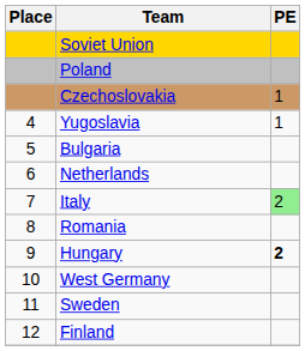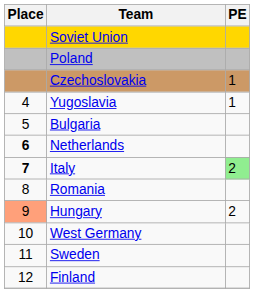 <table class="wikitable">
 <tr>
 <th>Place</th>
 <th width=200>Team</th>
 <th width=20>PE</th>
 </tr>
 <tr bgcolor=gold>
 <td align=center></td>
 <td> <a href='#'>Soviet Union</a></td>
 <td></td>
 </tr>
 <tr bgcolor=silver>
 <td align=center></td>
 <td> <a href='#'>Poland</a></td>
 <td></td>
 </tr>
 <tr bgcolor=cc9966>
 <td align=center></td>
 <td> <a href='#'>Czechoslovakia</a></td>
 <td>1</td>
 </tr>
 <tr>
 <td align=center>4</td>
 <td> <a href='#'>Yugoslavia</a></td>
 <td>1</td>
 </tr>
 <tr>
 <td align=center>5</td>
 <td> <a href='#'>Bulgaria</a></td>
 <td></td>
 </tr>
 <tr>
-<td align=center>6</td>
+<td align=center><strong>6</strong></td>
 <td> <a href='#'>Netherlands</a></td>
 <td></td>
 </tr>
 <tr>
-<td align=center>7</td>
+<td align=center><strong>7</strong></td>
 <td> <a href='#'>Italy</a></td>
 <td style="background: lightgreen;">2</td>
 </tr>
 <tr>
 <td align=center>8</td>
 <td> <a href='#'>Romania</a></td>
 <td></td>
 </tr>
 <tr>
-<td align=center>9</td>
+<td align=center style="background: lightsalmon;">9</td>
 <td> <a href='#'>Hungary</a></td>
-<td><strong>2</strong></td>
+<td>2</td>
 </tr>
 <tr>
 <td align=center>10</td>
 <td> <a href='#'>West Germany</a></td>
 <td></td>
 </tr>
 <tr>
 <td align=center>11</td>
 <td> <a href='#'>Sweden</a></td>
 <td></td>
 </tr>
 <tr>
 <td align=center>12</td>
 <td> <a href='#'>Finland</a></td>
 <td></td>
 </tr>
 <tr>
 </tr>
 </table>
